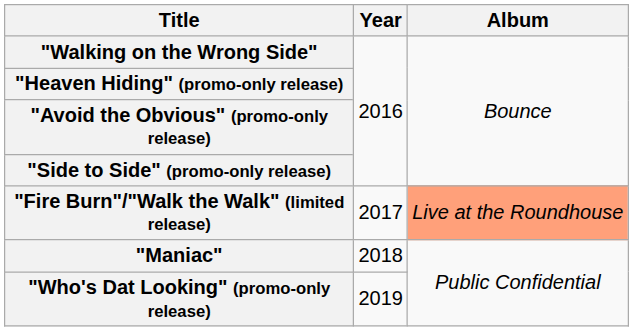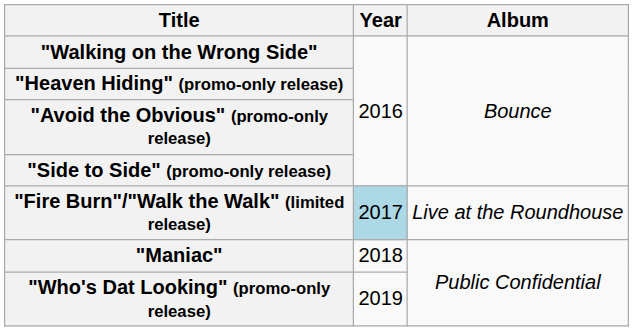 <table class="wikitable plainrowheaders" style="text-align:center;">
 <tr>
 <th scope="col" style="width:17em;">Title</th>
 <th scope="col" style="width:2em;">Year</th>
 <th>Album</th>
 </tr>
 <tr>
 <th scope="row">"Walking on the Wrong Side"</th>
 <td rowspan="4">2016</td>
 <td rowspan="4"><em>Bounce</em></td>
 </tr>
 <tr>
 <th scope="row">"Heaven Hiding" <small>(promo-only release)</small></th>
 </tr>
 <tr>
 <th scope="row">"Avoid the Obvious" <small>(promo-only release)</small></th>
 </tr>
 <tr>
 <th scope="row">"Side to Side" <small>(promo-only release)</small></th>
 </tr>
 <tr>
 <th scope="row">"Fire Burn"/"Walk the Walk" <small>(limited release)</small></th>
-<td>2017</td>
-<td style="background: lightsalmon;"><em>Live at the Roundhouse</em></td>
+<td style="background: lightblue;">2017</td>
+<td><em>Live at the Roundhouse</em></td>
 </tr>
 <tr>
 <th scope="row">"Maniac"</th>
 <td>2018</td>
 <td rowspan="2"><em>Public Confidential</em></td>
 </tr>
 <tr>
 <th scope="row">"Who's Dat Looking" <small>(promo-only release)</small></th>
 <td>2019</td>
 </tr>
 </table>
